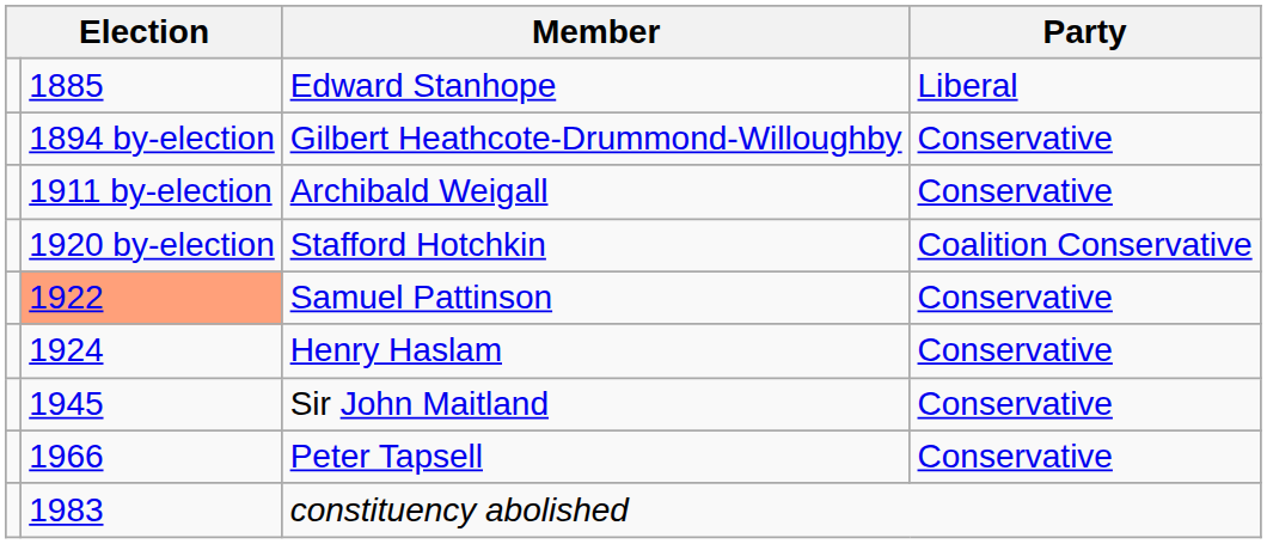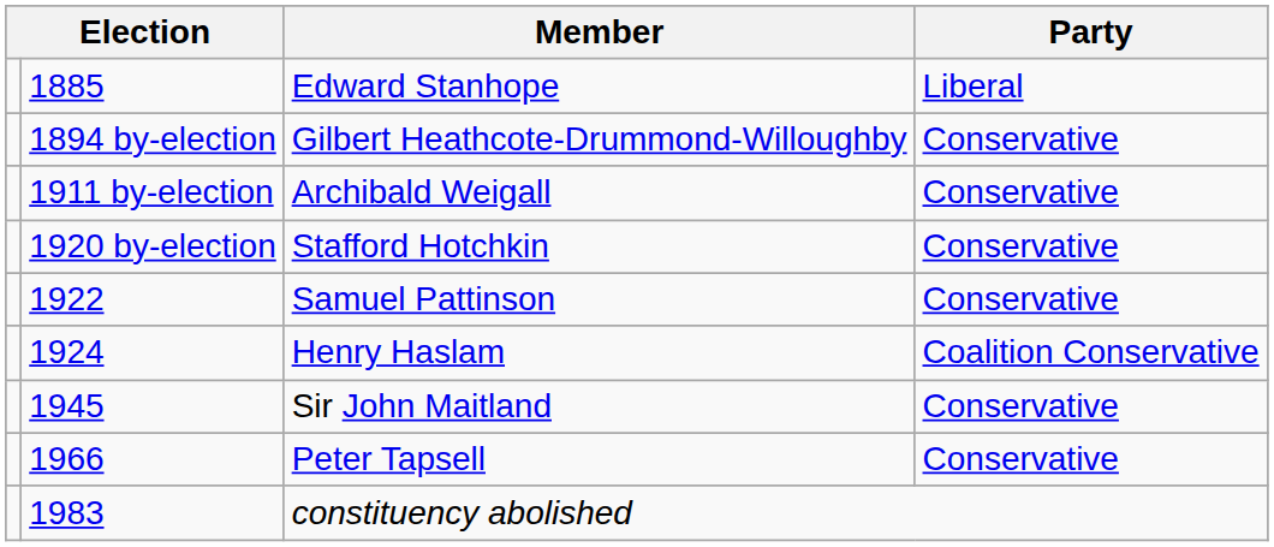 <table class="wikitable">
 <tr>
 <th colspan="2">Election</th>
 <th>Member</th>
 <th>Party</th>
 </tr>
 <tr>
 <td style="color:inherit;background-color: "></td>
 <td><a href='#'>1885</a></td>
 <td><a href='#'>Edward Stanhope</a></td>
 <td><a href='#'>Liberal</a></td>
 </tr>
 <tr>
 <td style="color:inherit;background-color: "></td>
 <td><a href='#'>1894 by-election</a></td>
 <td><a href='#'>Gilbert Heathcote-Drummond-Willoughby</a></td>
 <td><a href='#'>Conservative</a></td>
 </tr>
 <tr>
 <td style="color:inherit;background-color: "></td>
 <td><a href='#'>1911 by-election</a></td>
 <td><a href='#'>Archibald Weigall</a></td>
 <td><a href='#'>Conservative</a></td>
 </tr>
 <tr>
 <td style="color:inherit;background-color: "></td>
 <td><a href='#'>1920 by-election</a></td>
 <td><a href='#'>Stafford Hotchkin</a></td>
-<td><a href='#'>Coalition Conservative</a></td>
+<td><a href='#'>Conservative</a></td>
 </tr>
 <tr>
 <td style="color:inherit;background-color: "></td>
-<td style="background: lightsalmon;"><a href='#'>1922</a></td>
+<td><a href='#'>1922</a></td>
 <td><a href='#'>Samuel Pattinson</a></td>
 <td><a href='#'>Conservative</a></td>
 </tr>
 <tr>
 <td style="color:inherit;background-color: "></td>
 <td><a href='#'>1924</a></td>
 <td><a href='#'>Henry Haslam</a></td>
-<td><a href='#'>Conservative</a></td>
+<td><a href='#'>Coalition Conservative</a></td>
 </tr>
 <tr>
 <td style="color:inherit;background-color: "></td>
 <td><a href='#'>1945</a></td>
 <td>Sir <a href='#'>John Maitland</a></td>
 <td><a href='#'>Conservative</a></td>
 </tr>
 <tr>
 <td style="color:inherit;background-color: "></td>
 <td><a href='#'>1966</a></td>
 <td><a href='#'>Peter Tapsell</a></td>
 <td><a href='#'>Conservative</a></td>
 </tr>
 <tr>
 <td></td>
 <td><a href='#'>1983</a></td>
 <td colspan="2"><em>constituency abolished</em></td>
 </tr>
 </table>
